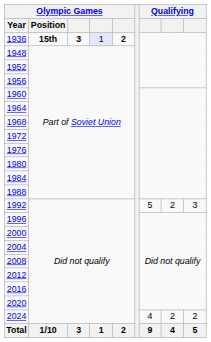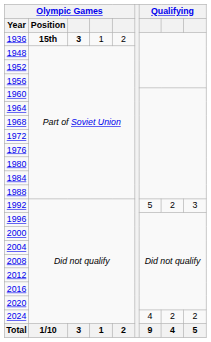 <table class="wikitable" style="text-align: center;font-size:90%;">
 <tr>
 <th colspan=5><a href='#'>Olympic Games</a></th>
 <th rowspan=24></th>
 <th colspan=3><a href='#'>Qualifying</a></th>
 </tr>
 <tr>
 <th>Year</th>
 <th>Position</th>
 <th width=30></th>
 <th width=30></th>
 <th width=30></th>
 <th width=30></th>
 <th width=30></th>
 <th width=30></th>
 </tr>
 <tr>
 <td> <a href='#'>1936</a></td>
 <td><strong>15th</strong></td>
 <td><strong>3</strong></td>
-<td style="background: lavender;">1</td>
-<td><strong>2</strong></td>
+<td>1</td>
+<td>2</td>
 </tr>
 <tr>
 <td> <a href='#'>1948</a></td>
 <td colspan=4 rowspan=11><em>Part of <a href='#'>Soviet Union</a></em></td>
 </tr>
 <tr>
 <td> <a href='#'>1952</a></td>
 </tr>
 <tr>
 <td> <a href='#'>1956</a></td>
 </tr>
 <tr>
 <td> <a href='#'>1960</a></td>
 <td colspan=3 rowspan=8></td>
 </tr>
 <tr>
 <td> <a href='#'>1964</a></td>
 </tr>
 <tr>
 <td> <a href='#'>1968</a></td>
 </tr>
 <tr>
 <td> <a href='#'>1972</a></td>
 </tr>
 <tr>
 <td> <a href='#'>1976</a></td>
 </tr>
 <tr>
 <td> <a href='#'>1980</a></td>
 </tr>
 <tr>
 <td> <a href='#'>1984</a></td>
 </tr>
 <tr>
 <td> <a href='#'>1988</a></td>
 </tr>
 <tr>
 <td> <a href='#'>1992</a></td>
 <td colspan=4 rowspan=9><em>Did not qualify</em></td>
 <td>5</td>
 <td>2</td>
 <td>3</td>
 </tr>
 <tr>
 <td> <a href='#'>1996</a></td>
 <td colspan=3 rowspan=7><em>Did not qualify</em></td>
 </tr>
 <tr>
 <td> <a href='#'>2000</a></td>
 </tr>
 <tr>
 <td> <a href='#'>2004</a></td>
 </tr>
 <tr>
 <td> <a href='#'>2008</a></td>
 </tr>
 <tr>
 <td> <a href='#'>2012</a></td>
 </tr>
 <tr>
 <td> <a href='#'>2016</a></td>
 </tr>
 <tr>
 <td> <a href='#'>2020</a></td>
 </tr>
 <tr>
 <td> <a href='#'>2024</a></td>
 <td>4</td>
 <td>2</td>
 <td>2</td>
 </tr>
 <tr>
 <th>Total</th>
 <th>1/10</th>
 <th>3</th>
 <th>1</th>
 <th>2</th>
 <th>9</th>
 <th>4</th>
 <th>5</th>
 </tr>
 </table>
